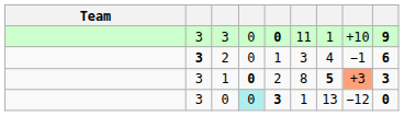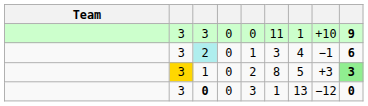 <table class="wikitable" style="text-align: center;">
 <tr>
 <th width="175">Team</th>
 <th width="20"></th>
 <th width="20"></th>
 <th width="20"></th>
 <th width="20"></th>
 <th width="20"></th>
 <th width="20"></th>
 <th width="20"></th>
 <th width="20"></th>
 </tr>
 <tr bgcolor=ccffcc>
 <td align=left></td>
 <td>3</td>
 <td>3</td>
 <td>0</td>
-<td><strong>0</strong></td>
+<td>0</td>
 <td>11</td>
 <td>1</td>
 <td>+10</td>
 <td><strong>9</strong></td>
 </tr>
 <tr>
 <td align=left></td>
-<td><strong>3</strong></td>
-<td>2</td>
+<td>3</td>
+<td style="background: paleturquoise;">2</td>
 <td>0</td>
 <td>1</td>
 <td>3</td>
 <td>4</td>
 <td>−1</td>
 <td><strong>6</strong></td>
 </tr>
 <tr>
 <td align=left><em></em></td>
-<td>3</td>
+<td style="background: gold;">3</td>
 <td>1</td>
-<td><strong>0</strong></td>
+<td>0</td>
 <td>2</td>
 <td>8</td>
-<td><strong>5</strong></td>
-<td style="background: lightsalmon;">+3</td>
-<td><strong>3</strong></td>
+<td>5</td>
+<td>+3</td>
+<td style="background: lightgreen;"><strong>3</strong></td>
 </tr>
 <tr>
 <td align=left></td>
 <td>3</td>
+<td><strong>0</strong></td>
 <td>0</td>
-<td style="background: paleturquoise;">0</td>
-<td><strong>3</strong></td>
+<td>3</td>
 <td>1</td>
 <td>13</td>
 <td>−12</td>
 <td><strong>0</strong></td>
 </tr>
 </table>
